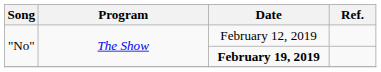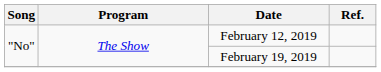 <table class="wikitable" style="text-align:center">
 <tr>
 <th>Song</th>
 <th width="200">Program</th>
 <th width="140">Date</th>
 <th width="50">Ref.</th>
 </tr>
 <tr>
 <td rowspan="2">"No"</td>
 <td rowspan="2"><em><a href='#'>The Show</a></em></td>
 <td>February 12, 2019</td>
 <td></td>
 </tr>
 <tr>
-<td><strong>February 19, 2019</strong></td>
+<td>February 19, 2019</td>
 <td></td>
 </tr>
 <tr>
 </tr>
 </table>
